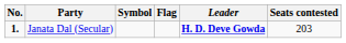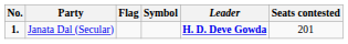 <table class="wikitable">
 <tr>
 <th>No.</th>
 <th>Party</th>
+<th><strong>Flag</strong></th>
 <th>Symbol</th>
-<th><strong>Flag</strong></th>
 <th><em>Leader</em></th>
 <th>Seats contested</th>
 </tr>
 <tr>
 <td ! style="text-align:center; background:"><strong>1.</strong></td>
 <td style="text-align:center"><a href='#'>Janata Dal (Secular)</a></td>
 <td></td>
 <td></td>
 <td style="text-align:center"><strong><a href='#'>H. D. Deve Gowda</a></strong></td>
-<td style="text-align:center">203</td>
+<td style="text-align:center">201</td>
 </tr>
 </table>
